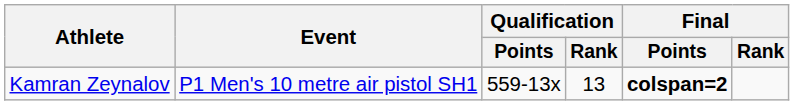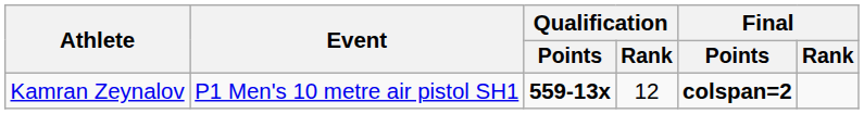 <table class="wikitable" style="font-size:90%">
 <tr>
 <th rowspan="2">Athlete</th>
 <th rowspan="2">Event</th>
 <th colspan="2">Qualification</th>
 <th colspan="2">Final</th>
 </tr>
 <tr style="font-size:95%">
 <th>Points</th>
 <th>Rank</th>
 <th>Points</th>
 <th>Rank</th>
 </tr>
 <tr align=center>
 <td align=left><a href='#'>Kamran Zeynalov</a></td>
 <td align=left><a href='#'>P1 Men's 10 metre air pistol SH1</a></td>
-<td>559-13x</td>
-<td>13</td>
+<td><strong>559-13x</strong></td>
+<td>12</td>
 <td><strong>colspan=2 </strong></td>
 </tr>
 </table>
